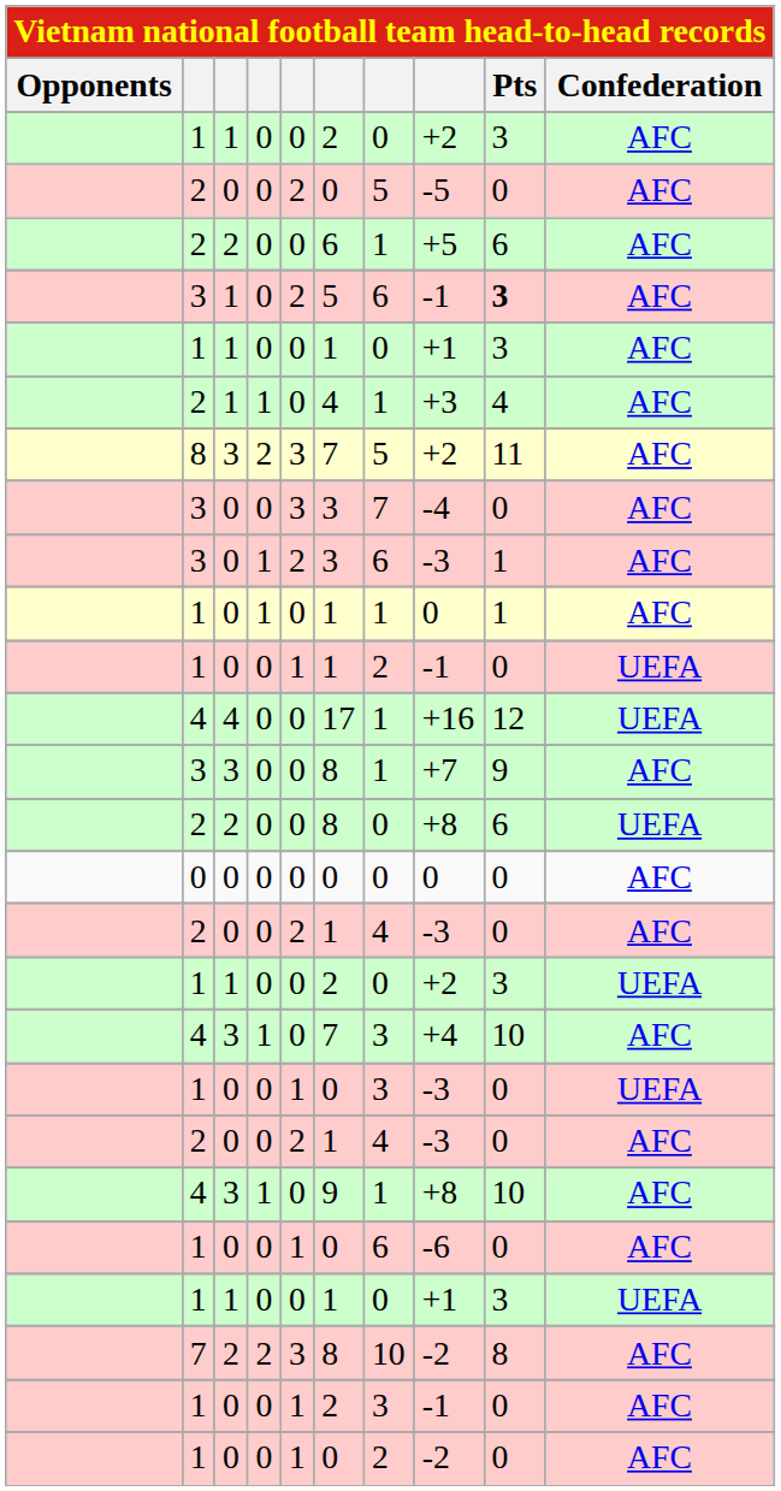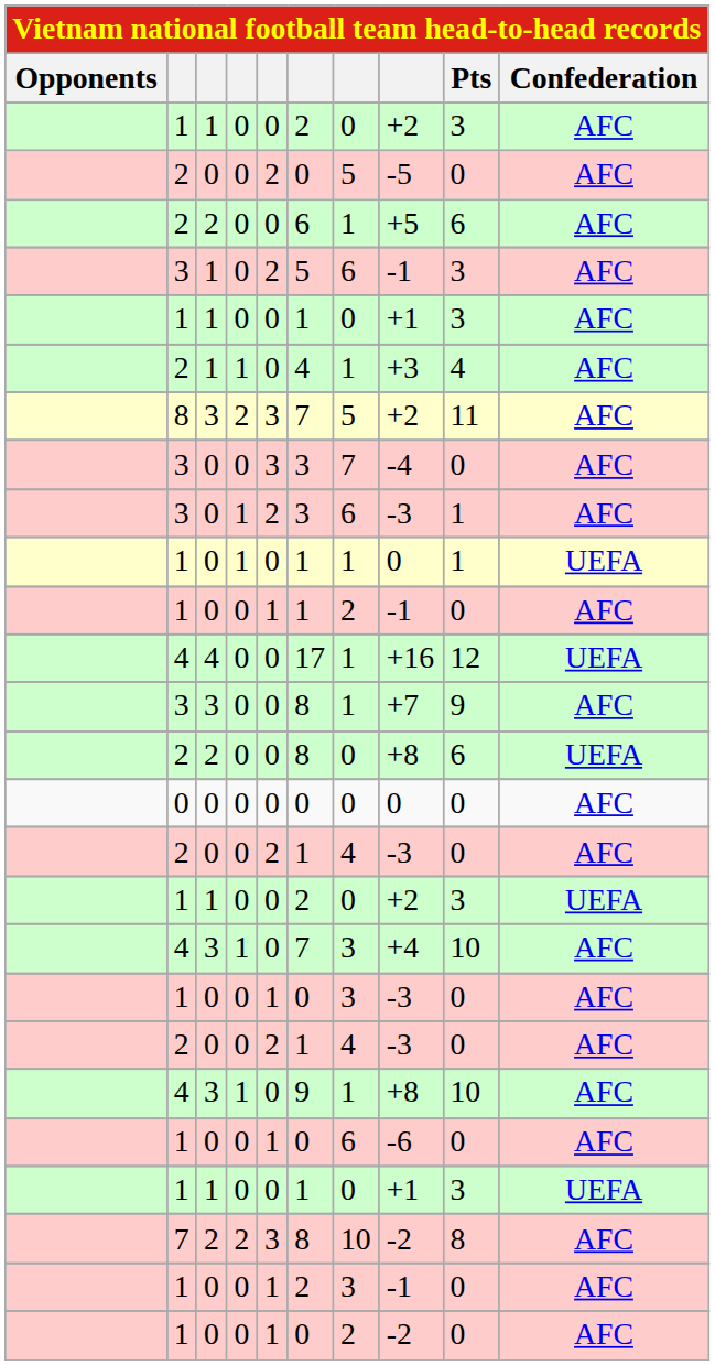 <table class="wikitable plainrowheaders sortable" style="text-align:left">
 <tr>
 <th colspan=10 style="background: #DB2017; color: #FFFF00;">Vietnam national football team head-to-head records</th>
 </tr>
 <tr>
 <th align=left>Opponents</th>
 <th></th>
 <th></th>
 <th></th>
 <th></th>
 <th></th>
 <th></th>
 <th></th>
 <th>Pts</th>
 <th>Confederation</th>
 </tr>
 <tr>
 </tr>
 <tr bgcolor=#CCFFCC>
 <td align=left></td>
 <td>1</td>
 <td>1</td>
 <td>0</td>
 <td>0</td>
 <td>2</td>
 <td>0</td>
 <td>+2</td>
 <td>3</td>
 <td align=center><a href='#'>AFC</a></td>
 </tr>
 <tr bgcolor=#FFCCCC>
 <td align=left></td>
 <td>2</td>
 <td>0</td>
 <td>0</td>
 <td>2</td>
 <td>0</td>
 <td>5</td>
 <td>-5</td>
 <td>0</td>
 <td align=center><a href='#'>AFC</a></td>
 </tr>
 <tr bgcolor=#CCFFCC>
 <td align=left></td>
 <td>2</td>
 <td>2</td>
 <td>0</td>
 <td>0</td>
 <td>6</td>
 <td>1</td>
 <td>+5</td>
 <td>6</td>
 <td align=center><a href='#'>AFC</a></td>
 </tr>
 <tr>
 </tr>
 <tr bgcolor=#FFCCCC>
 <td align=left></td>
 <td>3</td>
 <td>1</td>
 <td>0</td>
 <td>2</td>
 <td>5</td>
 <td>6</td>
 <td>-1</td>
-<td><strong>3</strong></td>
+<td>3</td>
 <td align=center><a href='#'>AFC</a></td>
 </tr>
 <tr>
 </tr>
 <tr bgcolor=#CCFFCC>
 <td align=left></td>
 <td>1</td>
 <td>1</td>
 <td>0</td>
 <td>0</td>
 <td>1</td>
 <td>0</td>
 <td>+1</td>
 <td>3</td>
 <td align=center><a href='#'>AFC</a></td>
 </tr>
 <tr>
 </tr>
 <tr bgcolor=#CCFFCC>
 <td align=left></td>
 <td>2</td>
 <td>1</td>
 <td>1</td>
 <td>0</td>
 <td>4</td>
 <td>1</td>
 <td>+3</td>
 <td>4</td>
 <td align=center><a href='#'>AFC</a></td>
 </tr>
 <tr>
 </tr>
 <tr bgcolor=#FFFFCC>
 <td align=left></td>
 <td>8</td>
 <td>3</td>
 <td>2</td>
 <td>3</td>
 <td>7</td>
 <td>5</td>
 <td>+2</td>
 <td>11</td>
 <td align=center><a href='#'>AFC</a></td>
 </tr>
 <tr>
 </tr>
 <tr bgcolor=#FFCCCC>
 <td align=left></td>
 <td>3</td>
 <td>0</td>
 <td>0</td>
 <td>3</td>
 <td>3</td>
 <td>7</td>
 <td>-4</td>
 <td>0</td>
 <td align=center><a href='#'>AFC</a></td>
 </tr>
 <tr>
 </tr>
 <tr bgcolor=#FFCCCC>
 <td align=left></td>
 <td>3</td>
 <td>0</td>
 <td>1</td>
 <td>2</td>
 <td>3</td>
 <td>6</td>
 <td>-3</td>
 <td>1</td>
 <td align=center><a href='#'>AFC</a></td>
 </tr>
 <tr>
 </tr>
 <tr bgcolor=#FFFFCC>
 <td align=left></td>
 <td>1</td>
 <td>0</td>
 <td>1</td>
 <td>0</td>
 <td>1</td>
 <td>1</td>
 <td>0</td>
 <td>1</td>
-<td align=center><a href='#'>AFC</a></td>
+<td align=center><a href='#'>UEFA</a></td>
 </tr>
 <tr>
 </tr>
 <tr bgcolor=#FFCCCC>
 <td align=left></td>
 <td>1</td>
 <td>0</td>
 <td>0</td>
 <td>1</td>
 <td>1</td>
 <td>2</td>
 <td>-1</td>
 <td>0</td>
-<td align=center><a href='#'>UEFA</a></td>
+<td align=center><a href='#'>AFC</a></td>
 </tr>
 <tr>
 </tr>
 <tr bgcolor=#CCFFCC>
 <td align=left></td>
 <td>4</td>
 <td>4</td>
 <td>0</td>
 <td>0</td>
 <td>17</td>
 <td>1</td>
 <td>+16</td>
 <td>12</td>
 <td align=center><a href='#'>UEFA</a></td>
 </tr>
 <tr>
 </tr>
 <tr bgcolor=#CCFFCC>
 <td align=left></td>
 <td>3</td>
 <td>3</td>
 <td>0</td>
 <td>0</td>
 <td>8</td>
 <td>1</td>
 <td>+7</td>
 <td>9</td>
 <td align=center><a href='#'>AFC</a></td>
 </tr>
 <tr>
 </tr>
 <tr bgcolor=#CCFFCC>
 <td align=left></td>
 <td>2</td>
 <td>2</td>
 <td>0</td>
 <td>0</td>
 <td>8</td>
 <td>0</td>
 <td>+8</td>
 <td>6</td>
 <td align=center><a href='#'>UEFA</a></td>
 </tr>
 <tr>
 </tr>
 <tr bgcolor=>
 <td align=left></td>
 <td>0</td>
 <td>0</td>
 <td>0</td>
 <td>0</td>
 <td>0</td>
 <td>0</td>
 <td>0</td>
 <td>0</td>
 <td align=center><a href='#'>AFC</a></td>
 </tr>
 <tr>
 </tr>
 <tr bgcolor=#FFCCCC>
 <td align=left></td>
 <td>2</td>
 <td>0</td>
 <td>0</td>
 <td>2</td>
 <td>1</td>
 <td>4</td>
 <td>-3</td>
 <td>0</td>
 <td align=center><a href='#'>AFC</a></td>
 </tr>
 <tr>
 </tr>
 <tr bgcolor=#CCFFCC>
 <td align=left></td>
 <td>1</td>
 <td>1</td>
 <td>0</td>
 <td>0</td>
 <td>2</td>
 <td>0</td>
 <td>+2</td>
 <td>3</td>
 <td align=center><a href='#'>UEFA</a></td>
 </tr>
 <tr>
 </tr>
 <tr bgcolor=#CCFFCC>
 <td align=left></td>
 <td>4</td>
 <td>3</td>
 <td>1</td>
 <td>0</td>
 <td>7</td>
 <td>3</td>
 <td>+4</td>
 <td>10</td>
 <td align=center><a href='#'>AFC</a></td>
 </tr>
 <tr>
 </tr>
 <tr bgcolor=#FFCCCC>
 <td align=left></td>
 <td>1</td>
 <td>0</td>
 <td>0</td>
 <td>1</td>
 <td>0</td>
 <td>3</td>
 <td>-3</td>
 <td>0</td>
-<td align=center><a href='#'>UEFA</a></td>
+<td align=center><a href='#'>AFC</a></td>
 </tr>
 <tr>
 </tr>
 <tr bgcolor=#FFCCCC>
 <td align=left></td>
 <td>2</td>
 <td>0</td>
 <td>0</td>
 <td>2</td>
 <td>1</td>
 <td>4</td>
 <td>-3</td>
 <td>0</td>
 <td align=center><a href='#'>AFC</a></td>
 </tr>
 <tr>
 </tr>
 <tr bgcolor=#CCFFCC>
 <td align=left></td>
 <td>4</td>
 <td>3</td>
 <td>1</td>
 <td>0</td>
 <td>9</td>
 <td>1</td>
 <td>+8</td>
 <td>10</td>
 <td align=center><a href='#'>AFC</a></td>
 </tr>
 <tr>
 </tr>
 <tr bgcolor=#FFCCCC>
 <td align=left></td>
 <td>1</td>
 <td>0</td>
 <td>0</td>
 <td>1</td>
 <td>0</td>
 <td>6</td>
 <td>-6</td>
 <td>0</td>
 <td align=center><a href='#'>AFC</a></td>
 </tr>
 <tr>
 </tr>
 <tr bgcolor=#CCFFCC>
 <td align=left></td>
 <td>1</td>
 <td>1</td>
 <td>0</td>
 <td>0</td>
 <td>1</td>
 <td>0</td>
 <td>+1</td>
 <td>3</td>
 <td align=center><a href='#'>UEFA</a></td>
 </tr>
 <tr>
 </tr>
 <tr bgcolor=#FFCCCC>
 <td align=left></td>
 <td>7</td>
 <td>2</td>
 <td>2</td>
 <td>3</td>
 <td>8</td>
 <td>10</td>
 <td>-2</td>
 <td>8</td>
 <td align=center><a href='#'>AFC</a></td>
 </tr>
 <tr>
 </tr>
 <tr bgcolor=#FFCCCC>
 <td align=left></td>
 <td>1</td>
 <td>0</td>
 <td>0</td>
 <td>1</td>
 <td>2</td>
 <td>3</td>
 <td>-1</td>
 <td>0</td>
 <td align=center><a href='#'>AFC</a></td>
 </tr>
 <tr>
 </tr>
 <tr bgcolor=#FFCCCC>
 <td align=left></td>
 <td>1</td>
 <td>0</td>
 <td>0</td>
 <td>1</td>
 <td>0</td>
 <td>2</td>
 <td>-2</td>
 <td>0</td>
 <td align=center><a href='#'>AFC</a></td>
 </tr>
 </table>
